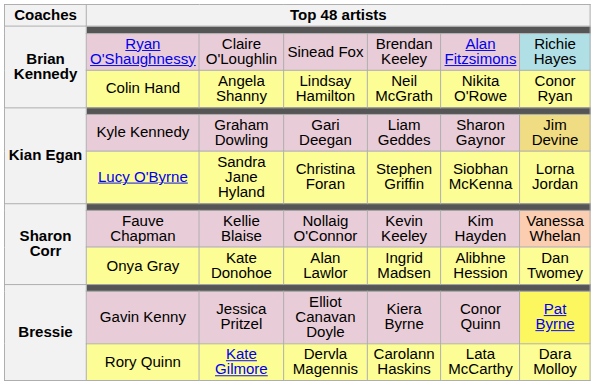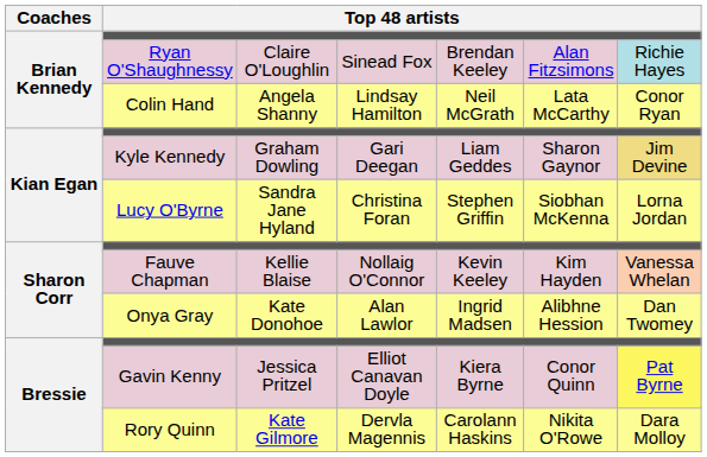 <table class="wikitable" style="text-align:center; line-height:16px; width:100%;">
 <tr>
 <th scope="col" width="15%">Coaches</th>
 <th scope="col" width="85%" colspan="6">Top 48 artists</th>
 </tr>
 <tr>
 <th rowspan="3"><strong>Brian Kennedy</strong></th>
 <td colspan="6" style="background:#555555;"></td>
 </tr>
 <tr>
 <td style="background:#E8CCD7;"><a href='#'>Ryan O'Shaughnessy</a></td>
 <td style="background:#E8CCD7;">Claire O'Loughlin</td>
 <td style="background:#E8CCD7;">Sinead Fox</td>
 <td style="background:#E8CCD7;">Brendan Keeley</td>
 <td style="background:#E8CCD7;"><a href='#'>Alan Fitzsimons</a></td>
 <td style="background:#B0E0E6;">Richie Hayes</td>
 </tr>
 <tr>
 <td style="background:#FDFD96;">Colin Hand</td>
 <td style="background:#FDFD96;">Angela Shanny</td>
 <td style="background:#FDFD96;">Lindsay Hamilton</td>
 <td style="background:#FDFD96;">Neil McGrath</td>
-<td style="background:#FDFD96;">Nikita O'Rowe</td>
+<td style="background:#FDFD96;">Lata McCarthy</td>
 <td style="background:#FDFD96;">Conor Ryan</td>
 </tr>
 <tr>
 <th rowspan="3"><strong>Kian Egan</strong></th>
 <td colspan="6" style="background:#555555;"></td>
 </tr>
 <tr>
 <td style="background:#E8CCD7;">Kyle Kennedy</td>
 <td style="background:#E8CCD7;">Graham Dowling</td>
 <td style="background:#E8CCD7;">Gari Deegan</td>
 <td style="background:#E8CCD7;">Liam Geddes</td>
 <td style="background:#E8CCD7;">Sharon Gaynor</td>
 <td style="background:#F0DC82;">Jim Devine</td>
 </tr>
 <tr>
 <td style="background:#FDFD96;"><a href='#'>Lucy O'Byrne</a></td>
 <td style="background:#FDFD96;">Sandra Jane Hyland</td>
 <td style="background:#FDFD96;">Christina Foran</td>
 <td style="background:#FDFD96;">Stephen Griffin</td>
 <td style="background:#FDFD96;">Siobhan McKenna</td>
 <td style="background:#FDFD96;">Lorna Jordan</td>
 </tr>
 <tr>
 <th rowspan="3"><strong>Sharon Corr</strong></th>
 <td colspan="6" style="background:#555555;"></td>
 </tr>
 <tr>
 <td style="background:#E8CCD7;">Fauve Chapman</td>
 <td style="background:#E8CCD7;">Kellie Blaise</td>
 <td style="background:#E8CCD7;">Nollaig O'Connor</td>
 <td style="background:#E8CCD7;">Kevin Keeley</td>
 <td style="background:#E8CCD7;">Kim Hayden</td>
 <td style="background:#FBCEB1;">Vanessa Whelan</td>
 </tr>
 <tr>
 <td style="background:#FDFD96;">Onya Gray</td>
 <td style="background:#FDFD96;">Kate Donohoe</td>
 <td style="background:#FDFD96;">Alan Lawlor</td>
 <td style="background:#FDFD96;">Ingrid Madsen</td>
 <td style="background:#FDFD96;">Alibhne Hession</td>
 <td style="background:#FDFD96;">Dan Twomey</td>
 </tr>
 <tr>
 <th rowspan="3"><strong>Bressie</strong></th>
 <td colspan="6" style="background:#555555;"></td>
 </tr>
 <tr>
 <td style="background:#E8CCD7;">Gavin Kenny</td>
 <td style="background:#E8CCD7;">Jessica Pritzel</td>
 <td style="background:#E8CCD7;">Elliot Canavan Doyle</td>
 <td style="background:#E8CCD7;">Kiera Byrne</td>
 <td style="background:#E8CCD7;">Conor Quinn</td>
 <td style="background:#FCF75E;"><a href='#'>Pat Byrne</a></td>
 </tr>
 <tr>
 <td style="background:#FDFD96;">Rory Quinn</td>
 <td style="background:#FDFD96;"><a href='#'>Kate Gilmore</a></td>
 <td style="background:#FDFD96;">Dervla Magennis</td>
 <td style="background:#FDFD96;">Carolann Haskins</td>
-<td style="background:#FDFD96;">Lata McCarthy</td>
+<td style="background:#FDFD96;">Nikita O'Rowe</td>
 <td style="background:#FDFD96;">Dara Molloy</td>
 </tr>
 </table>
